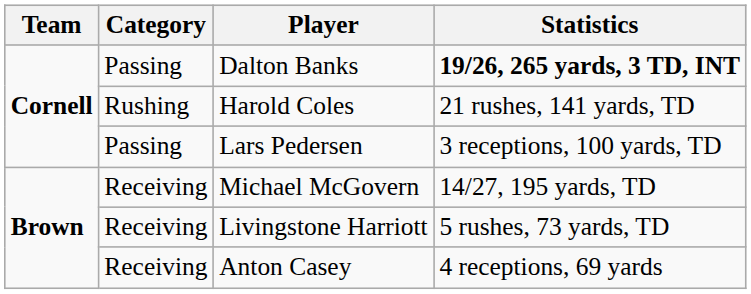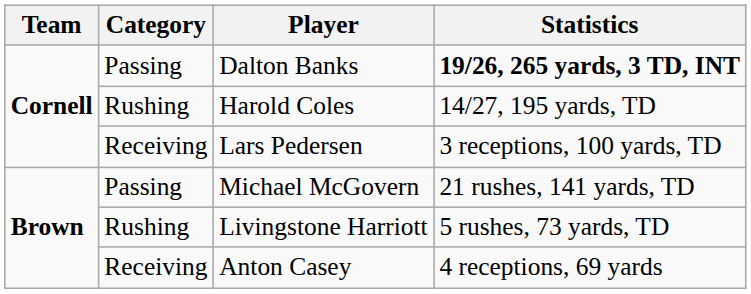 <table class="wikitable" style="float: left;">
 <tr>
 <th>Team</th>
 <th>Category</th>
 <th>Player</th>
 <th>Statistics</th>
 </tr>
 <tr>
 <td rowspan=3><strong>Cornell</strong></td>
 <td>Passing</td>
 <td>Dalton Banks</td>
 <td><strong>19/26, 265 yards, 3 TD, INT</strong></td>
 </tr>
 <tr>
 <td>Rushing</td>
 <td>Harold Coles</td>
-<td>21 rushes, 141 yards, TD</td>
+<td>14/27, 195 yards, TD</td>
 </tr>
 <tr>
-<td>Passing</td>
+<td>Receiving</td>
 <td>Lars Pedersen</td>
 <td>3 receptions, 100 yards, TD</td>
 </tr>
 <tr>
 <td rowspan=3><strong>Brown</strong></td>
-<td>Receiving</td>
+<td>Passing</td>
 <td>Michael McGovern</td>
-<td>14/27, 195 yards, TD</td>
+<td>21 rushes, 141 yards, TD</td>
 </tr>
 <tr>
-<td>Receiving</td>
+<td>Rushing</td>
 <td>Livingstone Harriott</td>
 <td>5 rushes, 73 yards, TD</td>
 </tr>
 <tr>
 <td>Receiving</td>
 <td>Anton Casey</td>
 <td>4 receptions, 69 yards</td>
 </tr>
 </table>
